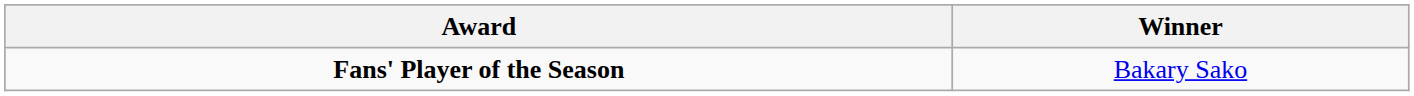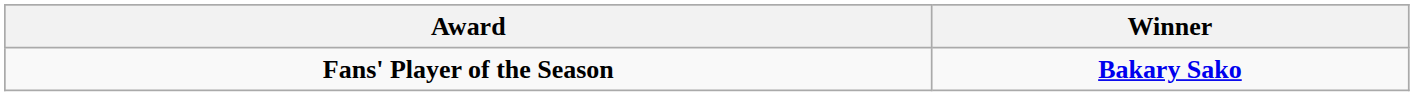 <table class="wikitable" style="text-align:center; font-size:95%;width:65%; text-align:left">
 <tr>
 <th><strong>Award</strong></th>
 <th><strong>Winner</strong></th>
 </tr>
 <tr style="text-align:center;">
 <td><strong>Fans' Player of the Season</strong></td>
-<td style="text-align:center;"><a href='#'>Bakary Sako</a></td>
+<td style="text-align:center;"><strong><a href='#'>Bakary Sako</a></strong></td>
 </tr>
 </table>
